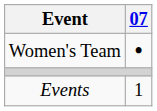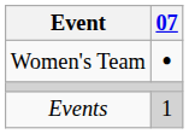 <table class="wikitable" style="text-align:center">
 <tr>
 <th>Event</th>
 <th><a href='#'>07</a></th>
 </tr>
 <tr>
 <td align=left>Women's Team</td>
 <td><big><strong>•</strong></big></td>
 </tr>
 <tr bgcolor=lightgray>
 <td colspan=6></td>
 </tr>
 <tr>
 <td><em>Events</em></td>
-<td>1</td>
+<td style="background: lightgrey;">1</td>
 </tr>
 </table>
